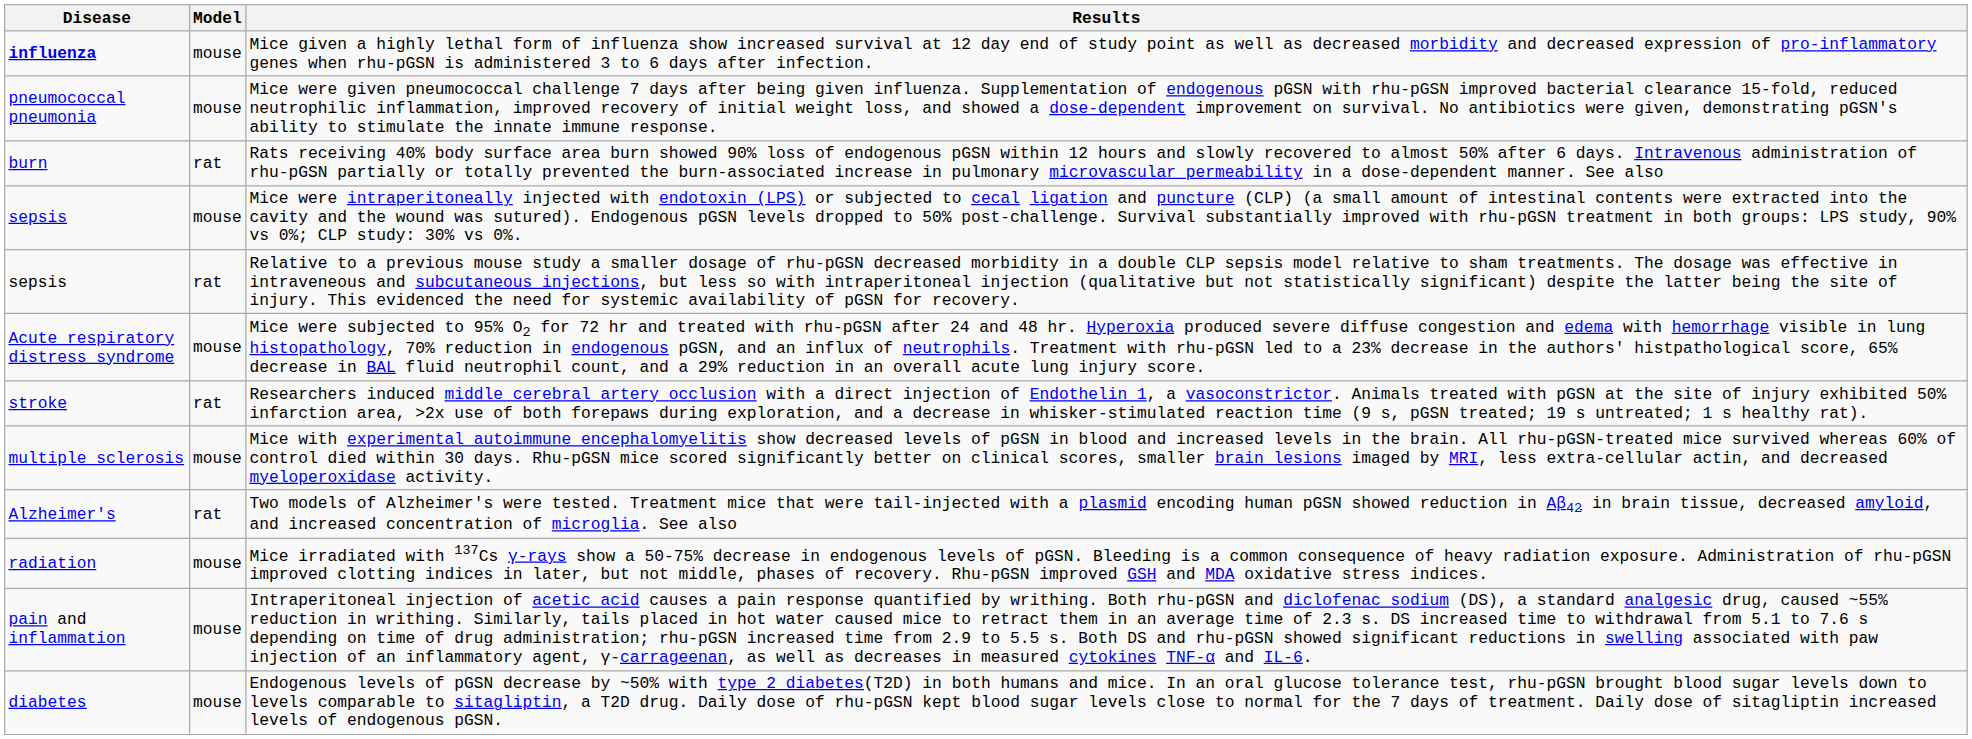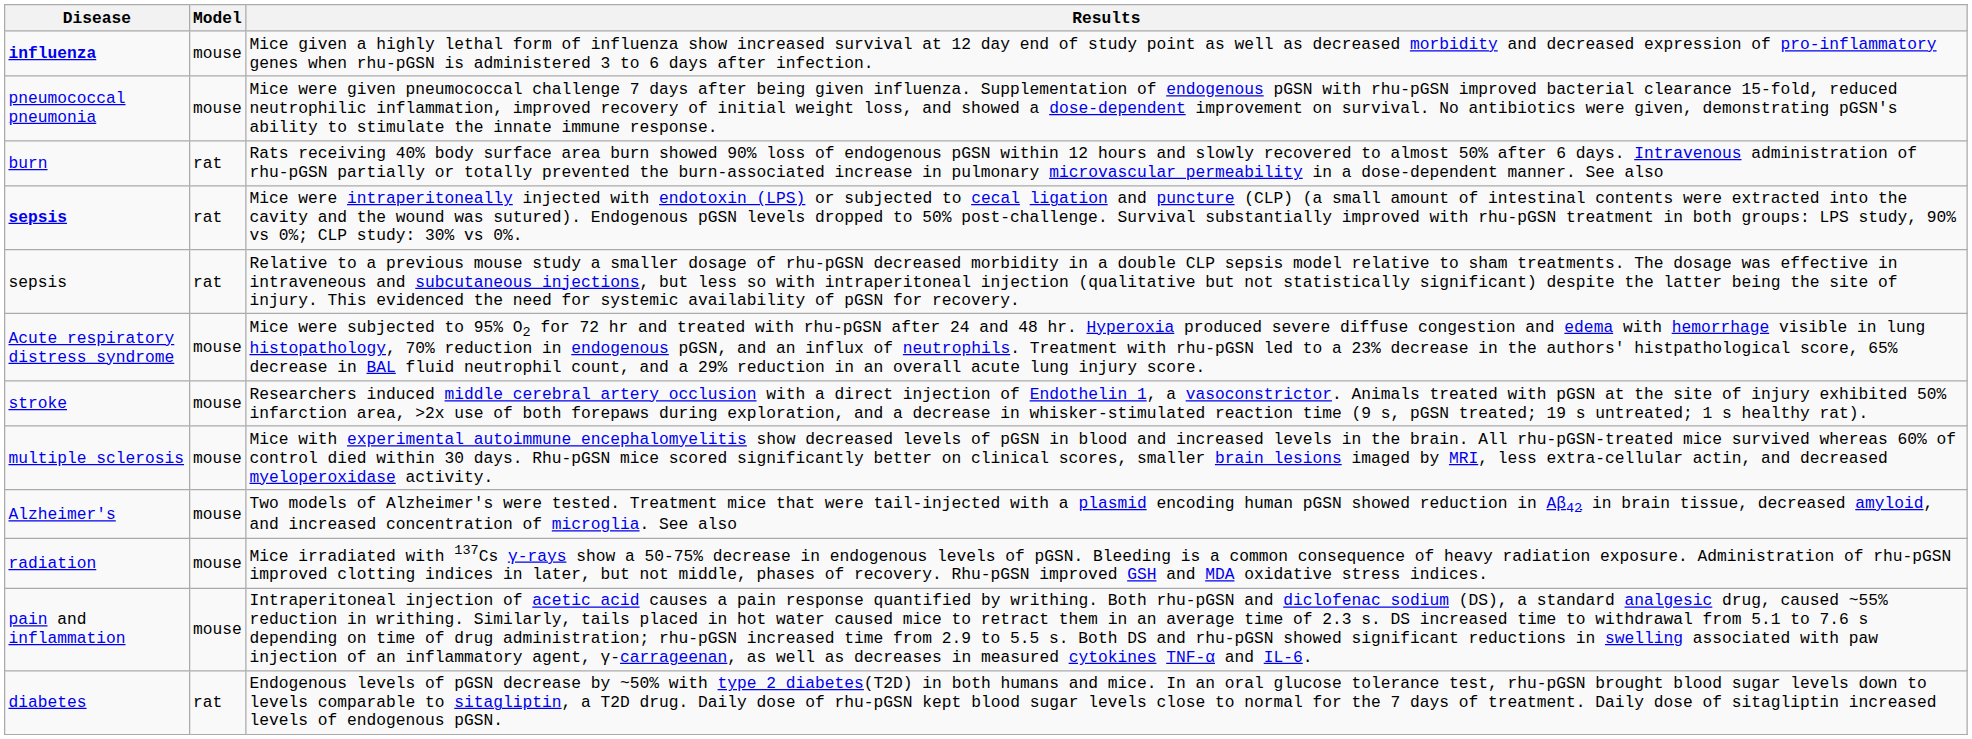 <table class="wikitable" summary ="Table of summarized results from twelve animal models of disease. This table contains three columns: The first column lists the investigated disease (e.g. influenza); the second, the animal model used (e.g. mouse); and the third, the major results of the trial.">
 <tr>
 <th>Disease</th>
 <th>Model</th>
 <th>Results</th>
 </tr>
 <tr>
 <td><strong><a href='#'>influenza</a></strong></td>
 <td>mouse</td>
 <td>Mice given a highly lethal form of influenza show increased survival at 12 day end of study point as well as decreased <a href='#'>morbidity</a> and decreased expression of <a href='#'>pro-inflammatory</a> genes when rhu-pGSN is administered 3 to 6 days after infection.</td>
 </tr>
 <tr>
 <td><a href='#'>pneumococcal pneumonia</a></td>
 <td>mouse</td>
 <td>Mice were given pneumococcal challenge 7 days after being given influenza. Supplementation of <a href='#'>endogenous</a> pGSN with rhu-pGSN improved bacterial clearance 15-fold, reduced neutrophilic inflammation, improved recovery of initial weight loss, and showed a <a href='#'>dose-dependent</a> improvement on survival.  No antibiotics were given, demonstrating pGSN's ability to stimulate the innate immune response.</td>
 </tr>
 <tr>
 <td><a href='#'>burn</a></td>
 <td>rat</td>
 <td>Rats receiving 40% body surface area burn showed 90% loss of endogenous pGSN within 12 hours and slowly recovered to almost 50% after 6 days. <a href='#'>Intravenous</a> administration of rhu-pGSN partially or totally prevented the burn-associated increase in pulmonary <a href='#'>microvascular permeability</a> in a dose-dependent manner. See also</td>
 </tr>
 <tr>
-<td><a href='#'>sepsis</a></td>
-<td>mouse</td>
+<td><strong><a href='#'>sepsis</a></strong></td>
+<td>rat</td>
 <td>Mice were <a href='#'>intraperitoneally</a> injected with <a href='#'>endotoxin (LPS)</a> or subjected to <a href='#'>cecal</a> <a href='#'>ligation</a> and <a href='#'>puncture</a> (CLP) (a small amount of intestinal contents were extracted into the cavity and the wound was sutured). Endogenous pGSN levels dropped to 50% post-challenge. Survival substantially improved with rhu-pGSN treatment in both groups: LPS study, 90% vs 0%; CLP study: 30% vs 0%.</td>
 </tr>
 <tr>
 <td>sepsis</td>
 <td>rat</td>
 <td>Relative to a previous mouse study a smaller dosage of rhu-pGSN decreased morbidity in a double CLP sepsis model relative to sham treatments. The dosage was effective in intraveneous and <a href='#'>subcutaneous injections</a>, but less so with intraperitoneal injection (qualitative but not statistically significant) despite the latter being the site of injury. This evidenced the need for systemic availability of pGSN for recovery.</td>
 </tr>
 <tr>
 <td><a href='#'>Acute respiratory distress syndrome</a></td>
 <td>mouse</td>
 <td>Mice were subjected to 95% O<sub>2</sub> for 72 hr and treated with rhu-pGSN after 24 and 48 hr. <a href='#'>Hyperoxia</a> produced severe diffuse congestion and <a href='#'>edema</a> with <a href='#'>hemorrhage</a> visible in lung <a href='#'>histopathology</a>, 70% reduction in <a href='#'>endogenous</a> pGSN, and an influx of <a href='#'>neutrophils</a>. Treatment with rhu-pGSN led to a 23% decrease in the authors' histpathological score, 65% decrease in <a href='#'>BAL</a> fluid neutrophil count, and a 29% reduction in an overall acute lung injury score.</td>
 </tr>
 <tr>
 <td><a href='#'>stroke</a></td>
-<td>rat</td>
+<td>mouse</td>
 <td>Researchers induced <a href='#'>middle cerebral artery occlusion</a> with a direct injection of <a href='#'>Endothelin 1</a>, a <a href='#'>vasoconstrictor</a>. Animals treated with pGSN at the site of injury exhibited 50% infarction area, >2x use of both forepaws during exploration, and a decrease in whisker-stimulated reaction time (9 s, pGSN treated; 19 s untreated; 1 s healthy rat).</td>
 </tr>
 <tr>
 <td><a href='#'>multiple sclerosis</a></td>
 <td>mouse</td>
 <td>Mice with <a href='#'>experimental autoimmune encephalomyelitis</a> show decreased levels of pGSN in blood and increased levels in the brain. All rhu-pGSN-treated mice survived whereas 60% of control died within 30 days. Rhu-pGSN mice scored significantly better on clinical scores, smaller <a href='#'>brain lesions</a> imaged by <a href='#'>MRI</a>, less extra-cellular actin, and decreased <a href='#'>myeloperoxidase</a> activity.</td>
 </tr>
 <tr>
 <td><a href='#'>Alzheimer's</a></td>
-<td>rat</td>
+<td>mouse</td>
 <td>Two models of Alzheimer's were tested. Treatment mice that were tail-injected with a <a href='#'>plasmid</a> encoding human pGSN showed reduction in <a href='#'>Aβ<sub>42</sub></a> in brain tissue, decreased <a href='#'>amyloid</a>, and increased concentration of <a href='#'>microglia</a>. See also</td>
 </tr>
 <tr>
 <td><a href='#'>radiation</a></td>
 <td>mouse</td>
 <td>Mice irradiated with <sup>137</sup>Cs <a href='#'>γ-rays</a> show a 50-75% decrease in endogenous levels of pGSN. Bleeding is a common consequence of heavy radiation exposure. Administration of rhu-pGSN improved clotting indices in later, but not middle, phases of recovery. Rhu-pGSN improved <a href='#'>GSH</a> and <a href='#'>MDA</a> oxidative stress indices.</td>
 </tr>
 <tr>
 <td><a href='#'>pain</a> and <a href='#'>inflammation</a></td>
 <td>mouse</td>
 <td>Intraperitoneal injection of <a href='#'>acetic acid</a> causes a pain response quantified by writhing. Both rhu-pGSN and <a href='#'>diclofenac sodium</a> (DS), a standard <a href='#'>analgesic</a> drug, caused ~55% reduction in writhing. Similarly, tails placed in hot water caused mice to retract them in an average time of 2.3 s. DS increased time to withdrawal from 5.1 to 7.6 s depending on time of drug administration; rhu-pGSN increased time from 2.9 to 5.5 s. Both DS and rhu-pGSN showed significant reductions in <a href='#'>swelling</a> associated with paw injection of an inflammatory agent, γ-<a href='#'>carrageenan</a>, as well as decreases in measured <a href='#'>cytokines</a> <a href='#'>TNF-α</a> and <a href='#'>IL-6</a>.</td>
 </tr>
 <tr>
 <td><a href='#'>diabetes</a></td>
-<td>mouse</td>
+<td>rat</td>
 <td>Endogenous levels of pGSN decrease by ~50% with <a href='#'>type 2 diabetes</a>(T2D) in both humans and mice. In an oral glucose tolerance test, rhu-pGSN brought blood sugar levels down to levels comparable to <a href='#'>sitagliptin</a>, a T2D drug. Daily dose of rhu-pGSN kept blood sugar levels close to normal for the 7 days of treatment. Daily dose of sitagliptin increased levels of endogenous pGSN.</td>
 </tr>
 </table>
